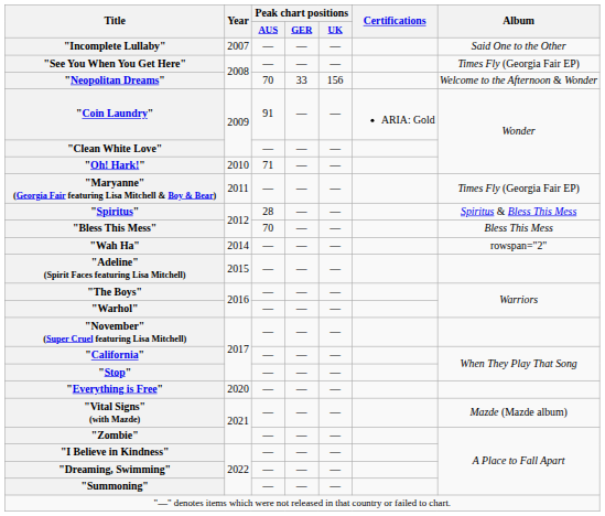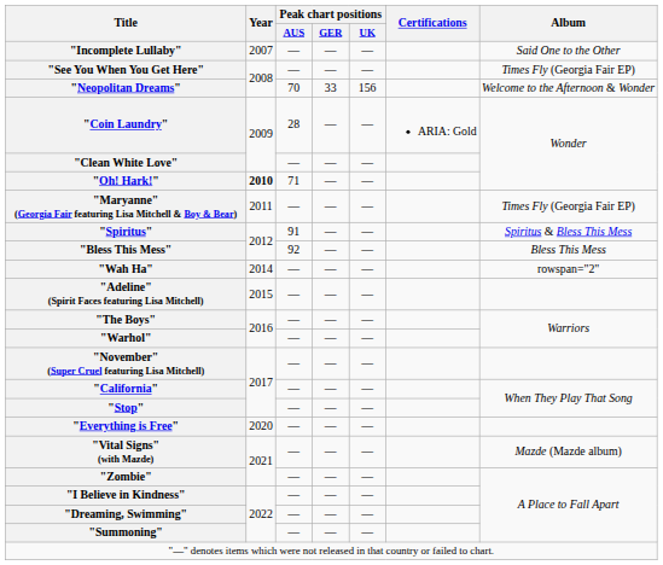 <table class="wikitable plainrowheaders" style="text-align:center;" border="1">
 <tr>
 <th scope="col" rowspan="2" style="width:20em;">Title</th>
 <th scope="col" rowspan="2">Year</th>
 <th scope="col" colspan="3">Peak chart positions</th>
 <th scope="col" rowspan="2"><a href='#'>Certifications</a></th>
 <th scope="col" rowspan="2">Album</th>
 </tr>
 <tr>
 <th scope="col" style="width:3em;font-size:90%;"><a href='#'>AUS</a><br></th>
 <th scope="col" style="width:3em;font-size:90%;"><a href='#'>GER</a><br></th>
 <th scope="col" style="width:3em;font-size:90%;"><a href='#'>UK</a><br></th>
 </tr>
 <tr>
 <th scope="row">"Incomplete Lullaby"</th>
 <td>2007</td>
 <td>—</td>
 <td>—</td>
 <td>—</td>
 <td></td>
 <td><em>Said One to the Other</em></td>
 </tr>
 <tr>
 <th scope="row">"See You When You Get Here"</th>
 <td rowspan="2">2008</td>
 <td>—</td>
 <td>—</td>
 <td>—</td>
 <td></td>
 <td><em>Times Fly</em> (Georgia Fair EP)</td>
 </tr>
 <tr>
 <th scope="row">"<a href='#'>Neopolitan Dreams</a>"</th>
 <td>70</td>
 <td>33</td>
 <td>156</td>
 <td></td>
 <td><em>Welcome to the Afternoon</em> & <em>Wonder</em></td>
 </tr>
 <tr>
 <th scope="row">"<a href='#'>Coin Laundry</a>"</th>
 <td rowspan="2">2009</td>
-<td>91</td>
+<td>28</td>
 <td>—</td>
 <td>—</td>
 <td><br><ul><li>ARIA: Gold</li></ul></td>
 <td rowspan="3"><em>Wonder</em></td>
 </tr>
 <tr>
 <th scope="row">"Clean White Love"</th>
 <td>—</td>
 <td>—</td>
 <td>—</td>
 <td></td>
 </tr>
 <tr>
 <th scope="row">"<a href='#'>Oh! Hark!</a>"</th>
-<td>2010</td>
+<td><strong>2010</strong></td>
 <td>71</td>
 <td>—</td>
 <td>—</td>
 <td></td>
 </tr>
 <tr>
 <th scope="row">"Maryanne"<br> <small>(<a href='#'>Georgia Fair</a> featuring Lisa Mitchell & <a href='#'>Boy & Bear</a>)</small></th>
 <td>2011</td>
 <td>—</td>
 <td>—</td>
 <td>—</td>
 <td></td>
 <td><em>Times Fly</em> (Georgia Fair EP)</td>
 </tr>
 <tr>
 <th scope="row">"<a href='#'>Spiritus</a>"</th>
 <td rowspan="2">2012</td>
-<td>28</td>
+<td>91</td>
 <td>—</td>
 <td>—</td>
 <td></td>
 <td><em><a href='#'>Spiritus</a></em> & <em><a href='#'>Bless This Mess</a></em></td>
 </tr>
 <tr>
 <th scope="row">"Bless This Mess"</th>
-<td>70</td>
+<td>92</td>
 <td>—</td>
 <td>—</td>
 <td></td>
 <td><em>Bless This Mess</em></td>
 </tr>
 <tr>
 <th scope="row">"Wah Ha"</th>
 <td>2014</td>
 <td>—</td>
 <td>—</td>
 <td>—</td>
 <td></td>
 <td>rowspan="2" </td>
 </tr>
 <tr>
 <th scope="row">"Adeline"<br> <small>(Spirit Faces featuring Lisa Mitchell)</small></th>
 <td>2015</td>
 <td>—</td>
 <td>—</td>
 <td>—</td>
 <td></td>
 </tr>
 <tr>
 <th scope="row">"The Boys"</th>
 <td rowspan="2">2016</td>
 <td>—</td>
 <td>—</td>
 <td>—</td>
 <td></td>
 <td rowspan="2"><em>Warriors</em></td>
 </tr>
 <tr>
 <th scope="row">"Warhol"</th>
 <td>—</td>
 <td>—</td>
 <td>—</td>
 <td></td>
 </tr>
 <tr>
 <th scope="row">"November"<br> <small>(<a href='#'>Super Cruel</a> featuring Lisa Mitchell)</small></th>
 <td rowspan="3">2017</td>
 <td>—</td>
 <td>—</td>
 <td>—</td>
 <td></td>
 <td></td>
 </tr>
 <tr>
 <th scope="row">"<a href='#'>California</a>"</th>
 <td>—</td>
 <td>—</td>
 <td>—</td>
 <td></td>
 <td rowspan="2"><em>When They Play That Song</em></td>
 </tr>
 <tr>
 <th scope="row">"<a href='#'>Stop</a>"</th>
 <td>—</td>
 <td>—</td>
 <td>—</td>
 <td></td>
 </tr>
 <tr>
 <th scope="row">"<a href='#'>Everything is Free</a>"</th>
 <td>2020</td>
 <td>—</td>
 <td>—</td>
 <td>—</td>
 <td></td>
 <td></td>
 </tr>
 <tr>
 <th scope="row">"Vital Signs"<br><small>(with Mazde)</small></th>
 <td rowspan="2">2021</td>
 <td>—</td>
 <td>—</td>
 <td>—</td>
 <td></td>
 <td><em>Mazde</em> (Mazde album)</td>
 </tr>
 <tr>
 <th scope="row">"Zombie"</th>
 <td>—</td>
 <td>—</td>
 <td>—</td>
 <td></td>
 <td rowspan="4"><em>A Place to Fall Apart</em></td>
 </tr>
 <tr>
 <th scope="row">"I Believe in Kindness"</th>
 <td rowspan="3">2022</td>
 <td>—</td>
 <td>—</td>
 <td>—</td>
 <td></td>
 </tr>
 <tr>
 <th scope="row">"Dreaming, Swimming"</th>
 <td>—</td>
 <td>—</td>
 <td>—</td>
 <td></td>
 </tr>
 <tr>
 <th scope="row">"Summoning"</th>
 <td>—</td>
 <td>—</td>
 <td>—</td>
 <td></td>
 </tr>
 <tr>
 <td colspan="7" style="font-size:90%">"—" denotes items which were not released in that country or failed to chart.</td>
 </tr>
 </table>
